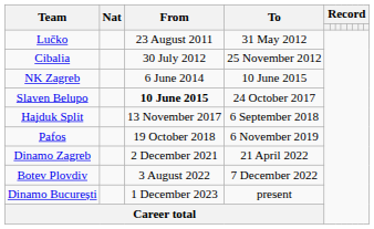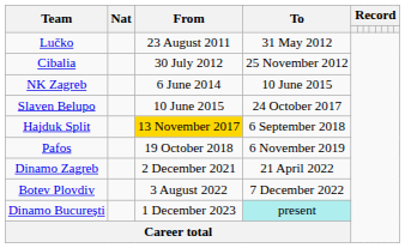 <table class="wikitable" style="text-align: center">
 <tr>
 <th rowspan=2>Team</th>
 <th rowspan=2>Nat</th>
 <th rowspan=2>From</th>
 <th rowspan=2>To</th>
 <th colspan=8>Record</th>
 </tr>
 <tr>
 <th></th>
 <th></th>
 <th></th>
 <th></th>
 <th></th>
 <th></th>
 <th></th>
 <th></th>
 </tr>
 <tr>
 <td><a href='#'>Lučko</a></td>
 <td></td>
 <td>23 August  2011</td>
 <td>31 May 2012<br></td>
 </tr>
 <tr>
 <td><a href='#'>Cibalia</a></td>
 <td></td>
 <td>30 July 2012</td>
 <td>25 November 2012<br></td>
 </tr>
 <tr>
 <td><a href='#'>NK Zagreb</a></td>
 <td></td>
 <td>6 June 2014</td>
 <td>10 June 2015<br></td>
 </tr>
 <tr>
 <td><a href='#'>Slaven Belupo</a></td>
 <td></td>
-<td><strong>10 June 2015</strong></td>
+<td>10 June 2015</td>
 <td>24 October 2017<br></td>
 </tr>
 <tr>
 <td><a href='#'>Hajduk Split</a></td>
 <td></td>
-<td>13 November 2017</td>
+<td style="background: gold;">13 November 2017</td>
 <td>6 September 2018<br></td>
 </tr>
 <tr>
 <td><a href='#'>Pafos</a></td>
 <td></td>
 <td>19 October 2018</td>
 <td>6 November 2019<br></td>
 </tr>
 <tr>
 <td><a href='#'>Dinamo Zagreb</a></td>
 <td></td>
 <td>2 December 2021</td>
 <td>21 April 2022<br></td>
 </tr>
 <tr>
 <td><a href='#'>Botev Plovdiv</a></td>
 <td></td>
 <td>3 August 2022</td>
 <td>7 December 2022<br></td>
 </tr>
 <tr>
 <td><a href='#'>Dinamo București</a></td>
 <td></td>
 <td>1 December 2023</td>
-<td>present<br></td>
+<td style="background: paleturquoise;">present<br></td>
 </tr>
 <tr>
 <th colspan=4>Career total<br></th>
 </tr>
 </table>
